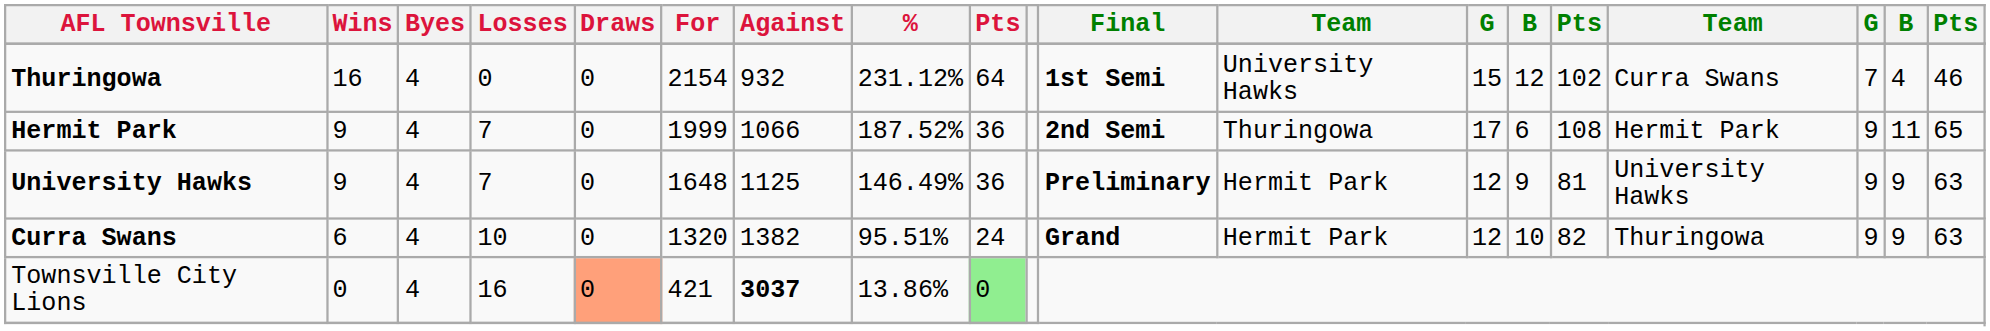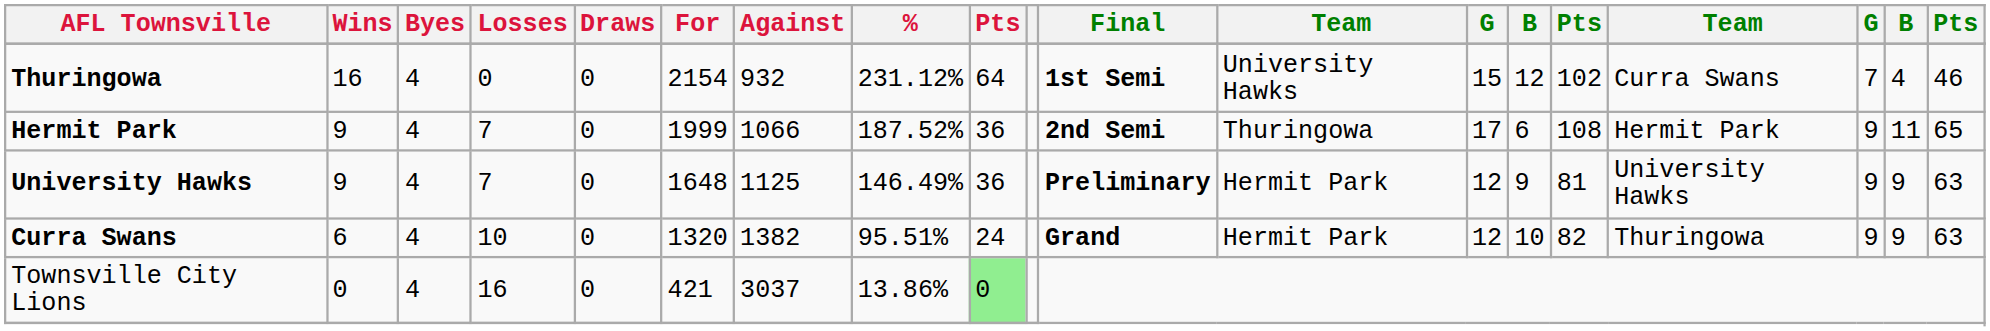 <table class="wikitable" style="font-size: 85%; text-align: left">
 <tr>
 <th style="color:crimson">AFL Townsville</th>
 <th style="color:crimson">Wins</th>
 <th style="color:crimson">Byes</th>
 <th style="color:crimson">Losses</th>
 <th style="color:crimson">Draws</th>
 <th style="color:crimson">For</th>
 <th style="color:crimson">Against</th>
 <th style="color:crimson">%</th>
 <th style="color:crimson">Pts</th>
 <th></th>
 <th style="color:green">Final</th>
 <th style="color:green">Team</th>
 <th style="color:green">G</th>
 <th style="color:green">B</th>
 <th style="color:green">Pts</th>
 <th style="color:green">Team</th>
 <th style="color:green">G</th>
 <th style="color:green">B</th>
 <th style="color:green">Pts</th>
 </tr>
 <tr>
 </tr>
 <tr>
 </tr>
 <tr>
 <td><strong>	Thuringowa	</strong></td>
 <td>16</td>
 <td>4</td>
 <td>0</td>
 <td>0</td>
 <td>2154</td>
 <td>932</td>
 <td>231.12%</td>
 <td>64</td>
 <td></td>
 <td><strong>1st Semi</strong></td>
 <td>University Hawks</td>
 <td>15</td>
 <td>12</td>
 <td>102</td>
 <td>Curra Swans</td>
 <td>7</td>
 <td>4</td>
 <td>46</td>
 </tr>
 <tr>
 <td><strong>	Hermit Park	</strong></td>
 <td>9</td>
 <td>4</td>
 <td>7</td>
 <td>0</td>
 <td>1999</td>
 <td>1066</td>
 <td>187.52%</td>
 <td>36</td>
 <td></td>
 <td><strong>2nd Semi</strong></td>
 <td>Thuringowa</td>
 <td>17</td>
 <td>6</td>
 <td>108</td>
 <td>Hermit Park</td>
 <td>9</td>
 <td>11</td>
 <td>65</td>
 </tr>
 <tr>
 <td><strong>	University Hawks	</strong></td>
 <td>9</td>
 <td>4</td>
 <td>7</td>
 <td>0</td>
 <td>1648</td>
 <td>1125</td>
 <td>146.49%</td>
 <td>36</td>
 <td></td>
 <td><strong>Preliminary</strong></td>
 <td>Hermit Park</td>
 <td>12</td>
 <td>9</td>
 <td>81</td>
 <td>University Hawks</td>
 <td>9</td>
 <td>9</td>
 <td>63</td>
 </tr>
 <tr>
 <td><strong>	Curra Swans	</strong></td>
 <td>6</td>
 <td>4</td>
 <td>10</td>
 <td>0</td>
 <td>1320</td>
 <td>1382</td>
 <td>95.51%</td>
 <td>24</td>
 <td></td>
 <td><strong>Grand</strong></td>
 <td>Hermit Park</td>
 <td>12</td>
 <td>10</td>
 <td>82</td>
 <td>Thuringowa</td>
 <td>9</td>
 <td>9</td>
 <td>63</td>
 </tr>
 <tr>
 <td>Townsville City Lions</td>
 <td>0</td>
 <td>4</td>
 <td>16</td>
-<td style="background: lightsalmon;">0</td>
+<td>0</td>
 <td>421</td>
-<td><strong>3037</strong></td>
+<td>3037</td>
 <td>13.86%</td>
 <td style="background: lightgreen;">0</td>
 <td></td>
 </tr>
 <tr>
 </tr>
 </table>
